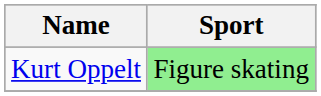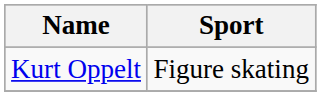 <table class="wikitable">
 <tr>
 <th>Name</th>
 <th>Sport</th>
 </tr>
 <tr>
 <td> <a href='#'>Kurt Oppelt</a></td>
-<td style="background: lightgreen;">Figure skating</td>
+<td>Figure skating</td>
 </tr>
 <tr>
 </tr>
 </table>
